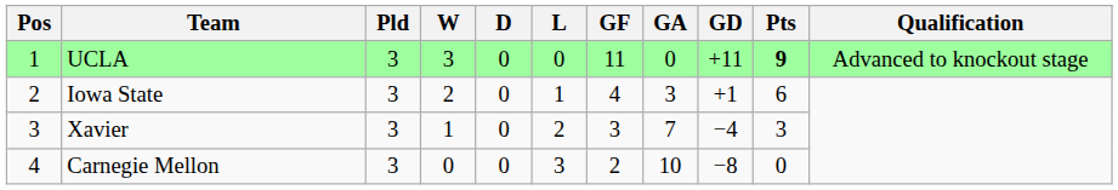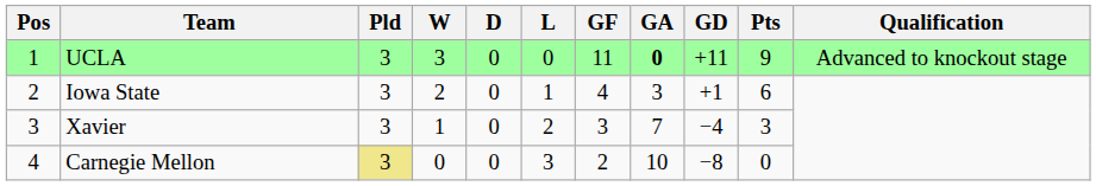 <table class="wikitable" style="text-align:center; margin: 1em auto">
 <tr>
 <th style=width:2em>Pos</th>
 <th style=width:13em>Team</th>
 <th style=width:2em>Pld</th>
 <th style=width:2em>W</th>
 <th style=width:2em>D</th>
 <th style=width:2em>L</th>
 <th style=width:2em>GF</th>
 <th style=width:2em>GA</th>
 <th style=width:2em>GD</th>
 <th style=width:2em>Pts</th>
 <th style=width:13em>Qualification</th>
 </tr>
 <tr bgcolor="#9eff9e">
 <td>1</td>
 <td style="text-align:left">UCLA</td>
 <td>3</td>
 <td>3</td>
 <td>0</td>
 <td>0</td>
 <td>11</td>
-<td>0</td>
+<td><strong>0</strong></td>
 <td>+11</td>
-<td><strong>9</strong></td>
+<td>9</td>
 <td>Advanced to knockout stage</td>
 </tr>
 <tr>
 <td>2</td>
 <td style="text-align:left">Iowa State</td>
 <td>3</td>
 <td>2</td>
 <td>0</td>
 <td>1</td>
 <td>4</td>
 <td>3</td>
 <td>+1</td>
 <td>6</td>
 </tr>
 <tr>
 <td>3</td>
 <td style="text-align:left">Xavier</td>
 <td>3</td>
 <td>1</td>
 <td>0</td>
 <td>2</td>
 <td>3</td>
 <td>7</td>
 <td>−4</td>
 <td>3</td>
 </tr>
 <tr>
 <td>4</td>
 <td style="text-align:left">Carnegie Mellon</td>
-<td>3</td>
+<td style="background: khaki;">3</td>
 <td>0</td>
 <td>0</td>
 <td>3</td>
 <td>2</td>
 <td>10</td>
 <td>−8</td>
 <td>0</td>
 </tr>
 </table>
